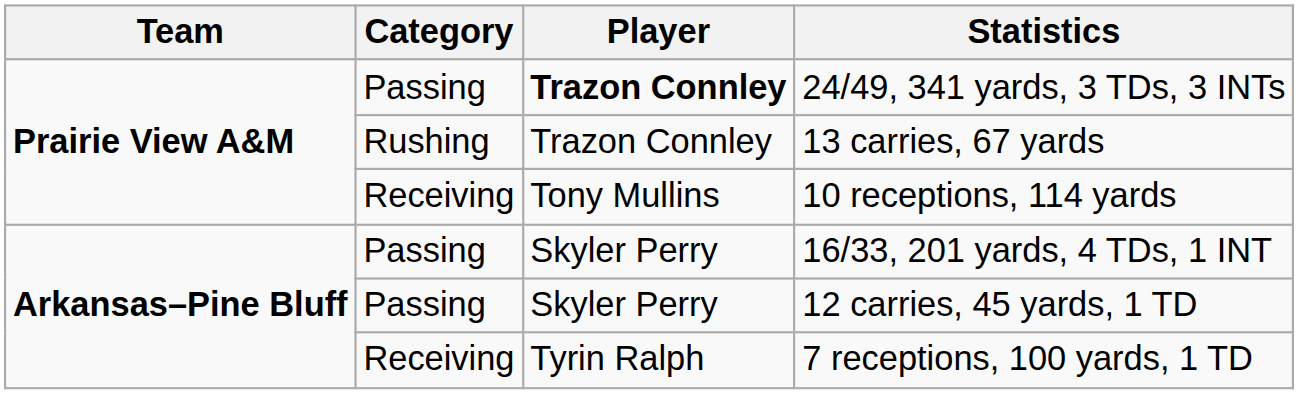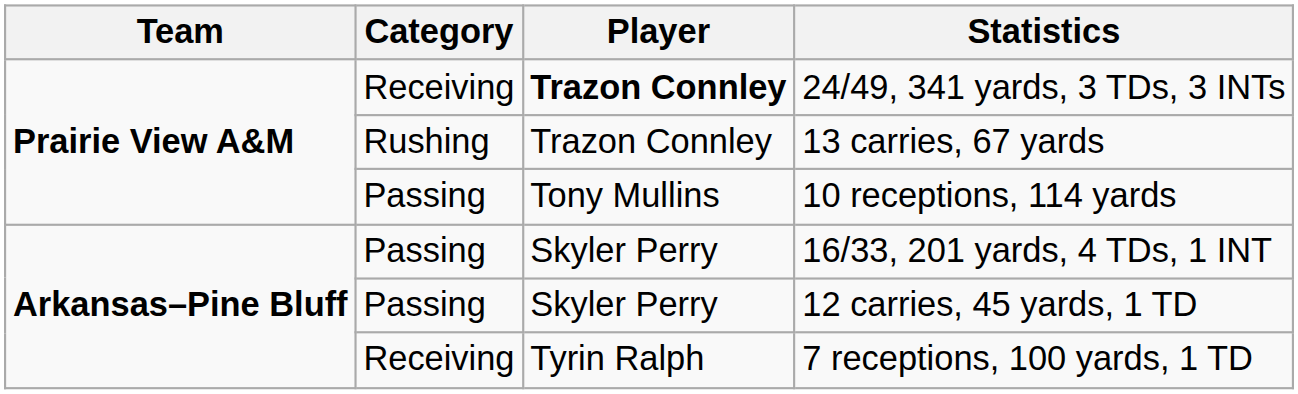 <table class="wikitable" style="float: left;">
 <tr>
 <th>Team</th>
 <th>Category</th>
 <th>Player</th>
 <th>Statistics</th>
 </tr>
 <tr>
 <td rowspan=3><strong>Prairie View A&M</strong></td>
-<td>Passing</td>
+<td>Receiving</td>
 <td><strong>Trazon Connley</strong></td>
 <td>24/49, 341 yards, 3 TDs, 3 INTs</td>
 </tr>
 <tr>
 <td>Rushing</td>
 <td>Trazon Connley</td>
 <td>13 carries, 67 yards</td>
 </tr>
 <tr>
-<td>Receiving</td>
+<td>Passing</td>
 <td>Tony Mullins</td>
 <td>10 receptions, 114 yards</td>
 </tr>
 <tr>
 <td rowspan=3><strong>Arkansas–Pine Bluff</strong></td>
 <td>Passing</td>
 <td>Skyler Perry</td>
 <td>16/33, 201 yards, 4 TDs, 1 INT</td>
 </tr>
 <tr>
 <td>Passing</td>
 <td>Skyler Perry</td>
 <td>12 carries, 45 yards, 1 TD</td>
 </tr>
 <tr>
 <td>Receiving</td>
 <td>Tyrin Ralph</td>
 <td>7 receptions, 100 yards, 1 TD</td>
 </tr>
 </table>
